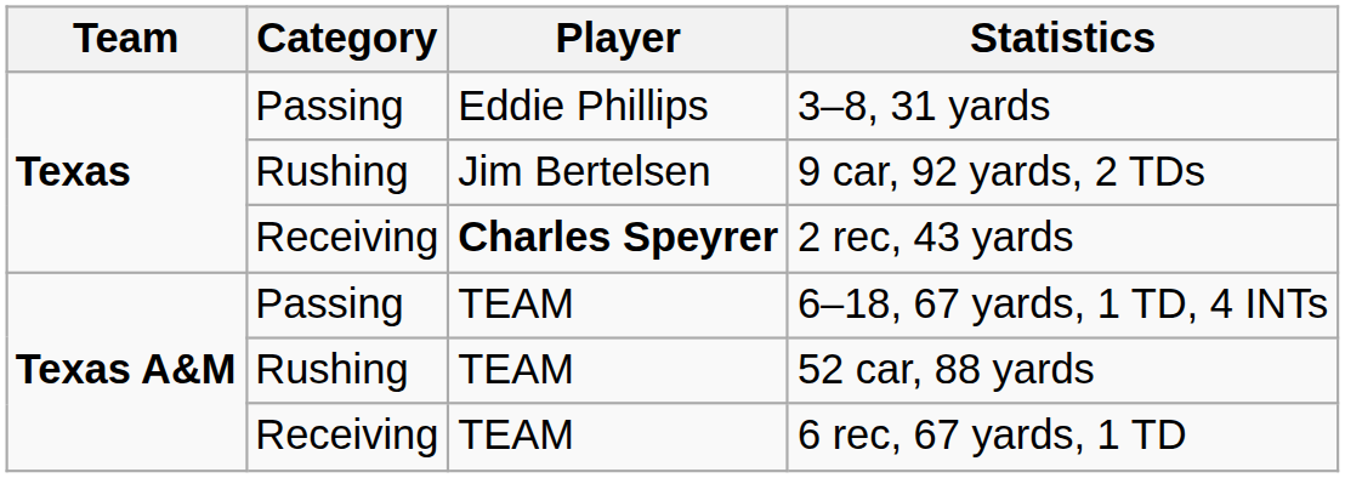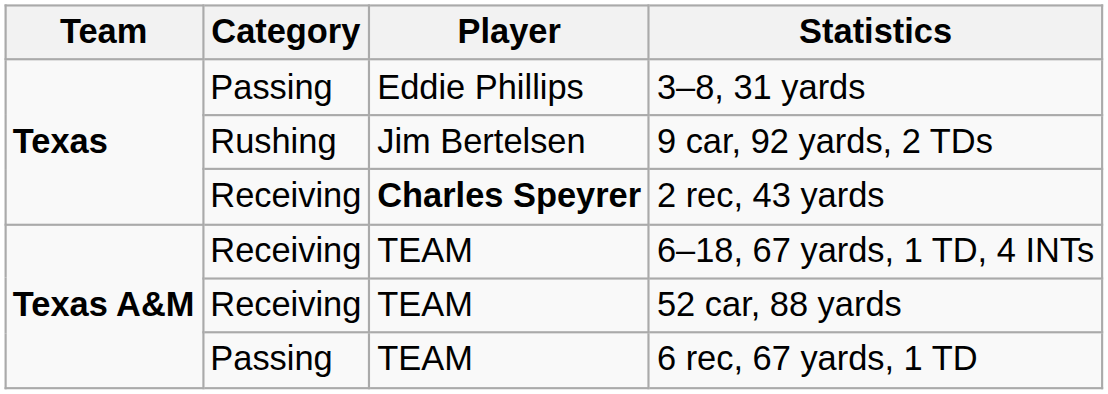 <table class="wikitable" style="float: right;">
 <tr>
 <th>Team</th>
 <th>Category</th>
 <th>Player</th>
 <th>Statistics</th>
 </tr>
 <tr>
 <td rowspan=3><strong>Texas</strong></td>
 <td>Passing</td>
 <td>Eddie Phillips</td>
 <td>3–8, 31 yards</td>
 </tr>
 <tr>
 <td>Rushing</td>
 <td>Jim Bertelsen</td>
 <td>9 car, 92 yards, 2 TDs</td>
 </tr>
 <tr>
 <td>Receiving</td>
 <td><strong>Charles Speyrer</strong></td>
 <td>2 rec, 43 yards</td>
 </tr>
 <tr>
 <td rowspan=3><strong>Texas A&M</strong></td>
-<td>Passing</td>
+<td>Receiving</td>
 <td>TEAM</td>
 <td>6–18, 67 yards, 1 TD, 4 INTs</td>
 </tr>
 <tr>
-<td>Rushing</td>
+<td>Receiving</td>
 <td>TEAM</td>
 <td>52 car, 88 yards</td>
 </tr>
 <tr>
-<td>Receiving</td>
+<td>Passing</td>
 <td>TEAM</td>
 <td>6 rec, 67 yards, 1 TD</td>
 </tr>
 </table>
